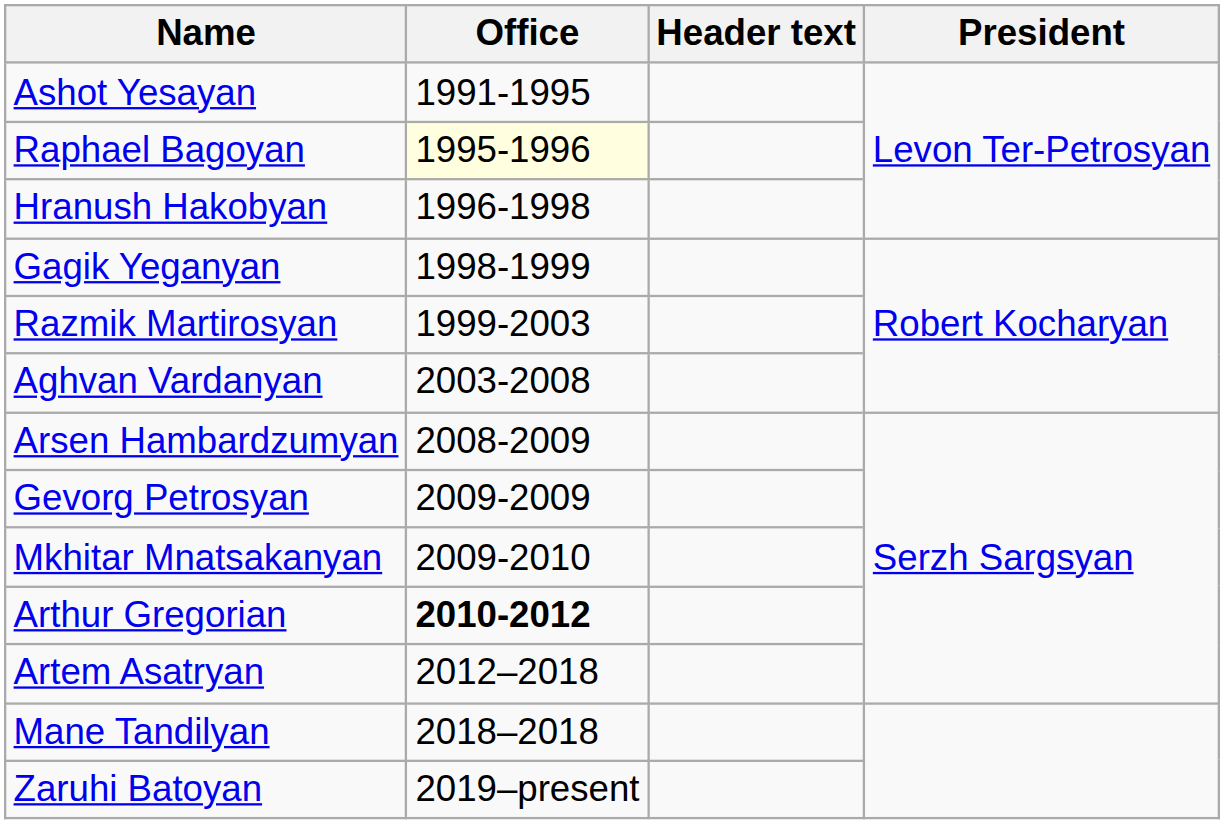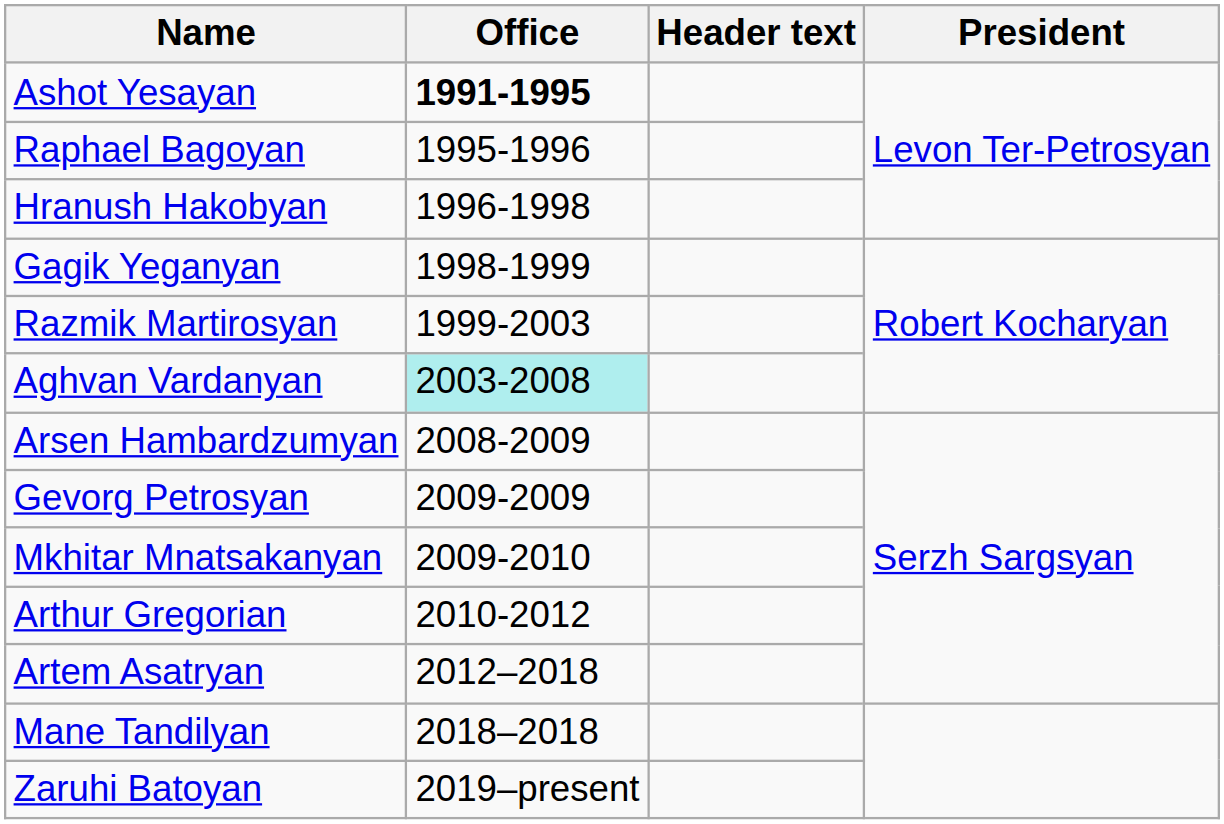 <table class="wikitable">
 <tr>
 <th>Name</th>
 <th>Office</th>
 <th>Header text</th>
 <th>President</th>
 </tr>
 <tr>
 <td><a href='#'>Ashot Yesayan</a></td>
-<td>1991-1995</td>
+<td><strong>1991-1995</strong></td>
 <td></td>
 <td rowspan=3><a href='#'>Levon Ter-Petrosyan</a></td>
 </tr>
 <tr>
 <td><a href='#'>Raphael Bagoyan</a></td>
-<td style="background: lightyellow;">1995-1996</td>
+<td>1995-1996</td>
 <td></td>
 </tr>
 <tr>
 <td><a href='#'>Hranush Hakobyan</a></td>
 <td>1996-1998</td>
 <td></td>
 </tr>
 <tr>
 <td><a href='#'>Gagik Yeganyan</a></td>
 <td>1998-1999</td>
 <td></td>
 <td rowspan=3><a href='#'>Robert Kocharyan</a></td>
 </tr>
 <tr>
 <td><a href='#'>Razmik Martirosyan</a></td>
 <td>1999-2003</td>
 <td></td>
 </tr>
 <tr>
 <td><a href='#'>Aghvan Vardanyan</a></td>
-<td>2003-2008</td>
+<td style="background: paleturquoise;">2003-2008</td>
 <td></td>
 </tr>
 <tr>
 <td><a href='#'>Arsen Hambardzumyan</a></td>
 <td>2008-2009</td>
 <td></td>
 <td rowspan=5><a href='#'>Serzh Sargsyan</a></td>
 </tr>
 <tr>
 <td><a href='#'>Gevorg Petrosyan</a></td>
 <td>2009-2009</td>
 <td></td>
 </tr>
 <tr>
 <td><a href='#'>Mkhitar Mnatsakanyan</a></td>
 <td>2009-2010</td>
 <td></td>
 </tr>
 <tr>
 <td><a href='#'>Arthur Gregorian</a></td>
-<td><strong>2010-2012</strong></td>
+<td>2010-2012</td>
 <td></td>
 </tr>
 <tr>
 <td><a href='#'>Artem Asatryan</a></td>
 <td>2012–2018</td>
 <td></td>
 </tr>
 <tr>
 <td><a href='#'>Mane Tandilyan</a></td>
 <td>2018–2018</td>
 <td></td>
 </tr>
 <tr>
 <td><a href='#'>Zaruhi Batoyan</a></td>
 <td>2019–present</td>
 <td></td>
 </tr>
 </table>
